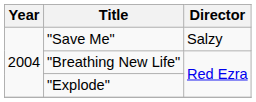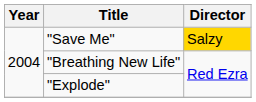 <table class="wikitable" border="1">
 <tr>
 <th rowspan="1">Year</th>
 <th rowspan="1">Title</th>
 <th rowspan="1">Director</th>
 </tr>
 <tr>
 <td rowspan="3">2004</td>
 <td>"Save Me"</td>
-<td>Salzy</td>
+<td style="background: gold;">Salzy</td>
 </tr>
 <tr>
 <td>"Breathing New Life"</td>
 <td rowspan=2><a href='#'>Red Ezra</a></td>
 </tr>
 <tr>
 <td>"Explode"</td>
 </tr>
 <tr>
 </tr>
 </table>
